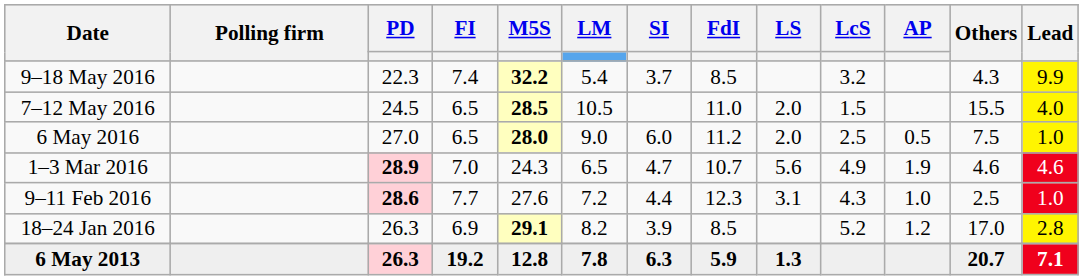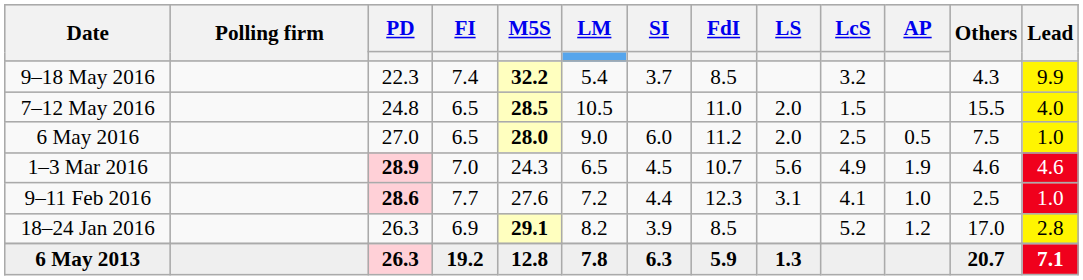 <table class=wikitable style="text-align:center;font-size:85%;line-height:13px">
 <tr style="height:30px; background-color:#E9E9E9">
 <th style="width:100px;" rowspan="2">Date</th>
 <th style="width:120px;" rowspan="2">Polling firm</th>
 <th style="width:35px;"><a href='#'>PD</a></th>
 <th style="width:35px;"><a href='#'>FI</a></th>
 <th style="width:35px;"><a href='#'>M5S</a></th>
 <th style="width:35px;"><a href='#'>LM</a></th>
 <th style="width:35px;"><a href='#'>SI</a></th>
 <th style="width:35px;"><a href='#'>FdI</a></th>
 <th style="width:35px;"><a href='#'>LS</a></th>
 <th style="width:35px;"><a href='#'>L</a><a href='#'>cS</a></th>
 <th style="width:35px;"><a href='#'>AP</a></th>
 <th style="width:35px;" rowspan="2">Others</th>
 <th style="width:25px;" rowspan="2">Lead</th>
 </tr>
 <tr>
 <th style="background:"></th>
 <th style="background:"></th>
 <th style="background:"></th>
 <th style="background:#56A5EC;"></th>
 <th style="background:"></th>
 <th style="background:"></th>
 <th style="background:"></th>
 <th style="background:"></th>
 <th style="background:"></th>
 </tr>
 <tr>
 <td>9–18 May 2016</td>
 <td></td>
 <td>22.3</td>
 <td>7.4</td>
 <td style="background:#FFFFBF"><strong>32.2</strong></td>
 <td>5.4</td>
 <td>3.7</td>
 <td>8.5</td>
 <td></td>
 <td>3.2</td>
 <td></td>
 <td>4.3</td>
 <td style="background:#FFF500; color:black;">9.9</td>
 </tr>
 <tr>
 <td>7–12 May 2016</td>
 <td></td>
-<td>24.5</td>
+<td>24.8</td>
 <td>6.5</td>
 <td style="background:#FFFFBF"><strong>28.5</strong></td>
 <td>10.5</td>
 <td></td>
 <td>11.0</td>
 <td>2.0</td>
 <td>1.5</td>
 <td></td>
 <td>15.5</td>
 <td style="background:#FFF500; color:black;">4.0</td>
 </tr>
 <tr>
 <td>6 May 2016</td>
 <td></td>
 <td>27.0</td>
 <td>6.5</td>
 <td style="background:#FFFFBF"><strong>28.0</strong></td>
 <td>9.0</td>
 <td>6.0</td>
 <td>11.2</td>
 <td>2.0</td>
 <td>2.5</td>
 <td>0.5</td>
 <td>7.5</td>
 <td style="background:#FFF500; color:black;">1.0</td>
 </tr>
 <tr>
 <td>1–3 Mar 2016</td>
 <td></td>
 <td style="background:#FFD0D7"><strong>28.9</strong></td>
 <td>7.0</td>
 <td>24.3</td>
 <td>6.5</td>
-<td>4.7</td>
+<td>4.5</td>
 <td>10.7</td>
 <td>5.6</td>
 <td>4.9</td>
 <td>1.9</td>
 <td>4.6</td>
 <td style="background:#F0001C; color:white;">4.6</td>
 </tr>
 <tr>
 <td>9–11 Feb 2016</td>
 <td></td>
 <td style="background:#FFD0D7"><strong>28.6</strong></td>
 <td>7.7</td>
 <td>27.6</td>
 <td>7.2</td>
 <td>4.4</td>
 <td>12.3</td>
 <td>3.1</td>
-<td>4.3</td>
+<td>4.1</td>
 <td>1.0</td>
 <td>2.5</td>
 <td style="background:#F0001C; color:white;">1.0</td>
 </tr>
 <tr>
 <td>18–24 Jan 2016</td>
 <td></td>
 <td>26.3</td>
 <td>6.9</td>
 <td style="background:#FFFFBF"><strong>29.1</strong></td>
 <td>8.2</td>
 <td>3.9</td>
 <td>8.5</td>
 <td></td>
 <td>5.2</td>
 <td>1.2</td>
 <td>17.0</td>
 <td style="background:#FFF500; color:black;">2.8</td>
 </tr>
 <tr>
 </tr>
 <tr style="background:#EFEFEF; font-weight:bold;">
 <td>6 May 2013</td>
 <td></td>
 <td style="background:#FFD0D7"><strong>26.3</strong></td>
 <td>19.2</td>
 <td>12.8</td>
 <td>7.8</td>
 <td>6.3</td>
 <td>5.9</td>
 <td>1.3</td>
 <td></td>
 <td></td>
 <td>20.7</td>
 <td style="background:#F0001C; color:white;">7.1</td>
 </tr>
 </table>
